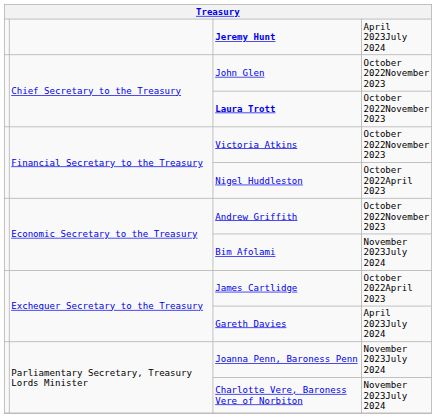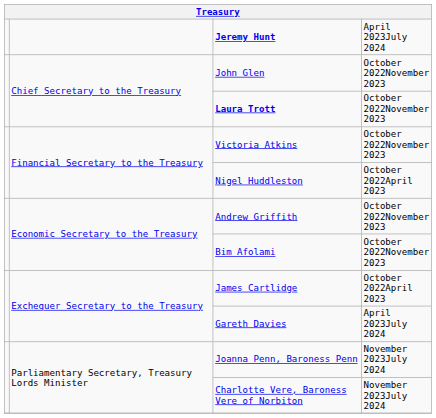 <table class="wikitable">
 <tr>
 <th colspan="4"><a href='#'>Treasury</a></th>
 </tr>
 <tr>
 <td rowspan="1" style="width: 1px; background: "></td>
 <td rowspan="1" style="width: 450px;"></td>
 <td style="width: 320px;"><strong><a href='#'>Jeremy Hunt</a></strong></td>
 <td>April 2023July 2024</td>
 </tr>
 <tr>
 <td rowspan="2" style="width: 1px; background: "></td>
 <td rowspan="2"><a href='#'>Chief Secretary to the Treasury</a></td>
 <td><a href='#'>John Glen</a> </td>
 <td>October 2022November 2023</td>
 </tr>
 <tr>
 <td><strong><a href='#'>Laura Trott</a></strong></td>
 <td>October 2022November 2023</td>
 </tr>
 <tr>
 <td rowspan="2" style="width: 1px; background: "></td>
 <td rowspan="2"><a href='#'>Financial Secretary to the Treasury</a></td>
 <td><a href='#'>Victoria Atkins</a></td>
 <td>October 2022November 2023</td>
 </tr>
 <tr>
 <td><a href='#'>Nigel Huddleston</a></td>
 <td>October 2022April 2023</td>
 </tr>
 <tr>
 <td rowspan="2" style="width: 1px; background: "></td>
 <td rowspan="2"><a href='#'>Economic Secretary to the Treasury</a></td>
 <td><a href='#'>Andrew Griffith</a></td>
 <td>October 2022November 2023</td>
 </tr>
 <tr>
 <td><a href='#'>Bim Afolami</a></td>
-<td>November 2023July 2024</td>
+<td>October 2022November 2023</td>
 </tr>
 <tr>
 <td rowspan="2" style="width: 1px; background: "></td>
 <td rowspan="2"><a href='#'>Exchequer Secretary to the Treasury</a></td>
 <td><a href='#'>James Cartlidge</a></td>
 <td>October 2022April 2023</td>
 </tr>
 <tr>
 <td><a href='#'>Gareth Davies</a></td>
 <td>April 2023July 2024</td>
 </tr>
 <tr>
 <td rowspan="2" style="width: 1px; background: "></td>
 <td rowspan="2">Parliamentary Secretary, Treasury Lords Minister</td>
 <td><a href='#'>Joanna Penn, Baroness Penn</a></td>
 <td>November 2023July 2024</td>
 </tr>
 <tr>
 <td><a href='#'>Charlotte Vere, Baroness Vere of Norbiton</a></td>
 <td>November 2023July 2024</td>
 </tr>
 <tr>
 </tr>
 </table>
